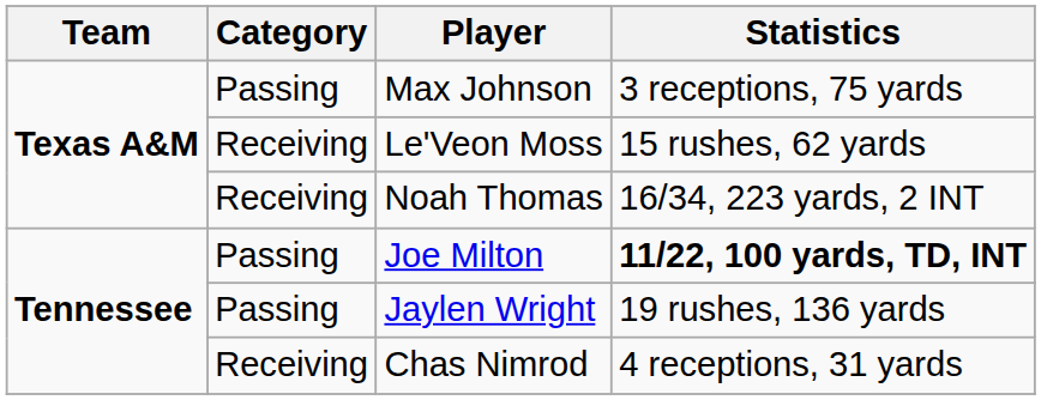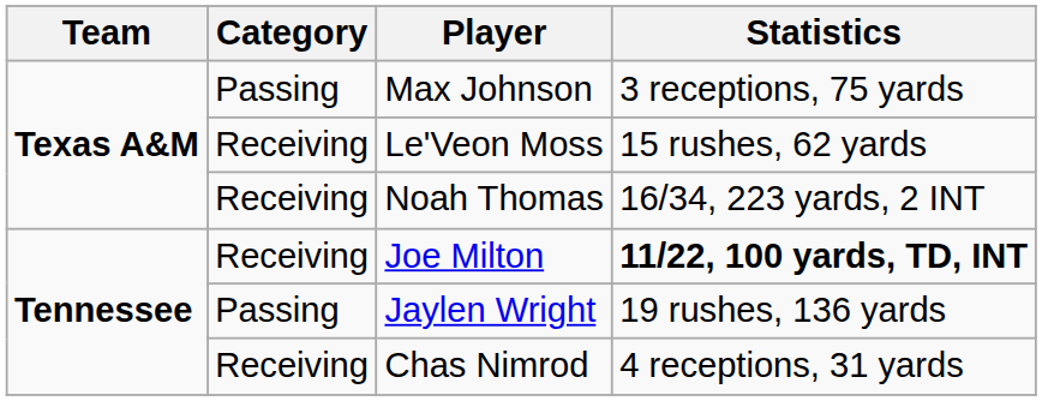 <table class="wikitable" style="float: right;">
 <tr>
 <th>Team</th>
 <th>Category</th>
 <th>Player</th>
 <th>Statistics</th>
 </tr>
 <tr>
 <td rowspan=3><strong>Texas A&M</strong></td>
 <td>Passing</td>
 <td>Max Johnson</td>
 <td>3 receptions, 75 yards</td>
 </tr>
 <tr>
 <td>Receiving</td>
 <td>Le'Veon Moss</td>
 <td>15 rushes, 62 yards</td>
 </tr>
 <tr>
 <td>Receiving</td>
 <td>Noah Thomas</td>
 <td>16/34, 223 yards, 2 INT</td>
 </tr>
 <tr>
 <td rowspan=3><strong>Tennessee</strong></td>
-<td>Passing</td>
+<td>Receiving</td>
 <td><a href='#'>Joe Milton</a></td>
 <td><strong>11/22, 100 yards, TD, INT</strong></td>
 </tr>
 <tr>
 <td>Passing</td>
 <td><a href='#'>Jaylen Wright</a></td>
 <td>19 rushes, 136 yards</td>
 </tr>
 <tr>
 <td>Receiving</td>
 <td>Chas Nimrod</td>
 <td>4 receptions, 31 yards</td>
 </tr>
 </table>
